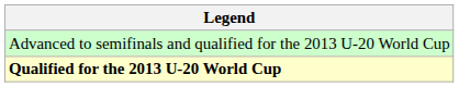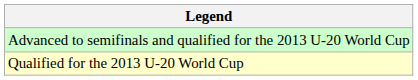 <table class="wikitable">
 <tr>
 <th>Legend</th>
 </tr>
 <tr bgcolor=#ccffcc>
 <td>Advanced to semifinals and qualified for the 2013 U-20 World Cup</td>
 </tr>
 <tr bgcolor=#ffffcc>
-<td><strong>Qualified for the 2013 U-20 World Cup</strong></td>
+<td>Qualified for the 2013 U-20 World Cup</td>
 </tr>
 </table>
